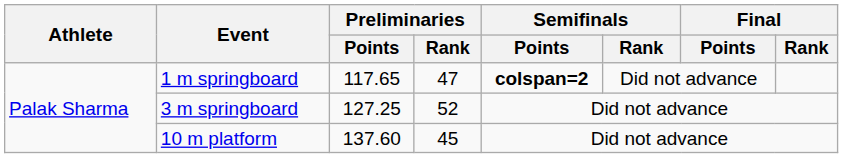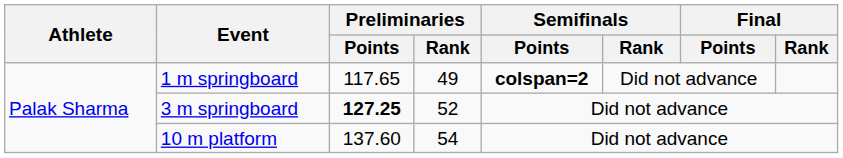 <table class="wikitable" style="text-align:center; font-size:90%; width:50%;">
 <tr>
 <th rowspan=2>Athlete</th>
 <th rowspan=2>Event</th>
 <th colspan=2>Preliminaries</th>
 <th colspan=2>Semifinals</th>
 <th colspan=2>Final</th>
 </tr>
 <tr style="font-size:95%">
 <th>Points</th>
 <th>Rank</th>
 <th>Points</th>
 <th>Rank</th>
 <th>Points</th>
 <th>Rank</th>
 </tr>
 <tr>
 <td align=left rowspan=3><a href='#'>Palak Sharma</a></td>
 <td align=left><a href='#'>1 m springboard</a></td>
 <td>117.65</td>
-<td>47</td>
+<td>49</td>
 <td><strong>colspan=2 </strong></td>
 <td colspan=2>Did not advance</td>
 </tr>
 <tr>
 <td align=left><a href='#'>3 m springboard</a></td>
-<td>127.25</td>
+<td><strong>127.25</strong></td>
 <td>52</td>
 <td colspan=4>Did not advance</td>
 </tr>
 <tr>
 <td align=left><a href='#'>10 m platform</a></td>
 <td>137.60</td>
-<td>45</td>
+<td>54</td>
 <td colspan=4>Did not advance</td>
 </tr>
 </table>
